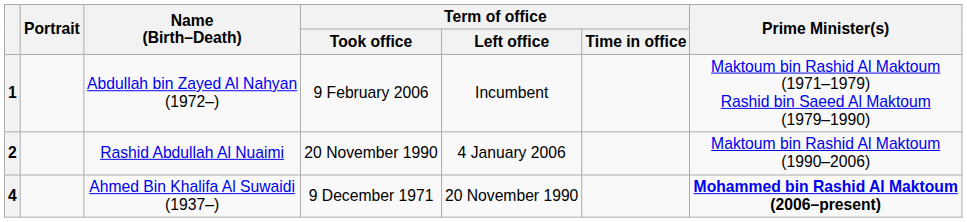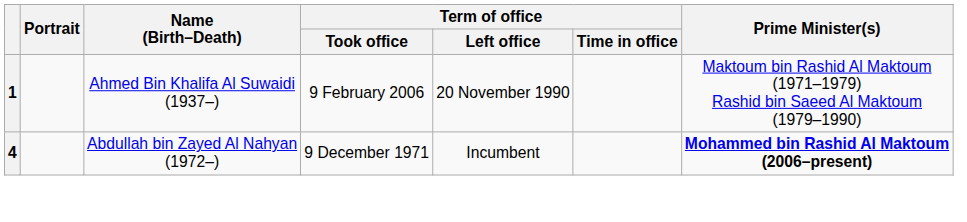 <table class="wikitable" style="text-align:center">
 <tr>
 <th rowspan="2"></th>
 <th rowspan="2">Portrait</th>
 <th rowspan="2">Name<br>(Birth–Death)</th>
 <th colspan="3">Term of office</th>
 <th rowspan="2">Prime Minister(s)</th>
 </tr>
 <tr>
 <th>Took office</th>
 <th>Left office</th>
 <th>Time in office</th>
 </tr>
 <tr>
 <th>1</th>
 <td></td>
-<td><a href='#'>Abdullah bin Zayed Al Nahyan</a><br> (1972–)</td>
+<td><a href='#'>Ahmed Bin Khalifa Al Suwaidi</a><br> (1937–)</td>
 <td>9 February 2006</td>
-<td>Incumbent</td>
+<td>20 November 1990</td>
 <td></td>
 <td><a href='#'>Maktoum bin Rashid Al Maktoum</a><br>(1971–1979)<br><a href='#'>Rashid bin Saeed Al Maktoum</a><br>(1979–1990)</td>
 </tr>
 <tr>
-<th>2</th>
-<td></td>
-<td><a href='#'>Rashid Abdullah Al Nuaimi</a><br></td>
-<td>20 November 1990</td>
-<td>4 January 2006</td>
-<td></td>
-<td><a href='#'>Maktoum bin Rashid Al Maktoum</a><br>(1990–2006)</td>
-</tr>
-<tr>
 <th>4</th>
 <td></td>
-<td><a href='#'>Ahmed Bin Khalifa Al Suwaidi</a><br> (1937–)</td>
+<td><a href='#'>Abdullah bin Zayed Al Nahyan</a><br> (1972–)</td>
 <td>9 December 1971</td>
-<td>20 November 1990</td>
+<td>Incumbent</td>
 <td></td>
 <td><strong><a href='#'>Mohammed bin Rashid Al Maktoum</a><br>(2006–present)</strong></td>
 </tr>
 </table>
